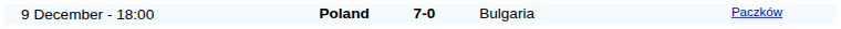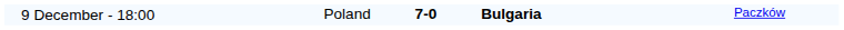 <table style="width: 100%; background:#F5FAFF;" cellspacing="0">
 <tr>
 <td align=center rowspan=3 width=20%>9 December - 18:00</td>
 </tr>
 <tr>
-<td width=24% align=right><strong>Poland</strong></td>
+<td width=24% align=right>Poland</td>
 <td align=center width=13%><strong>7-0</strong></td>
-<td width=24%>Bulgaria</td>
+<td width=24%><strong>Bulgaria</strong></td>
 <td style=font-size:85% rowspan=3 valign=top align=center><a href='#'>Paczków</a></td>
 </tr>
 <tr style=font-size:85%>
 <td align=right valign=top></td>
 <td></td>
 <td></td>
 </tr>
 </table>
